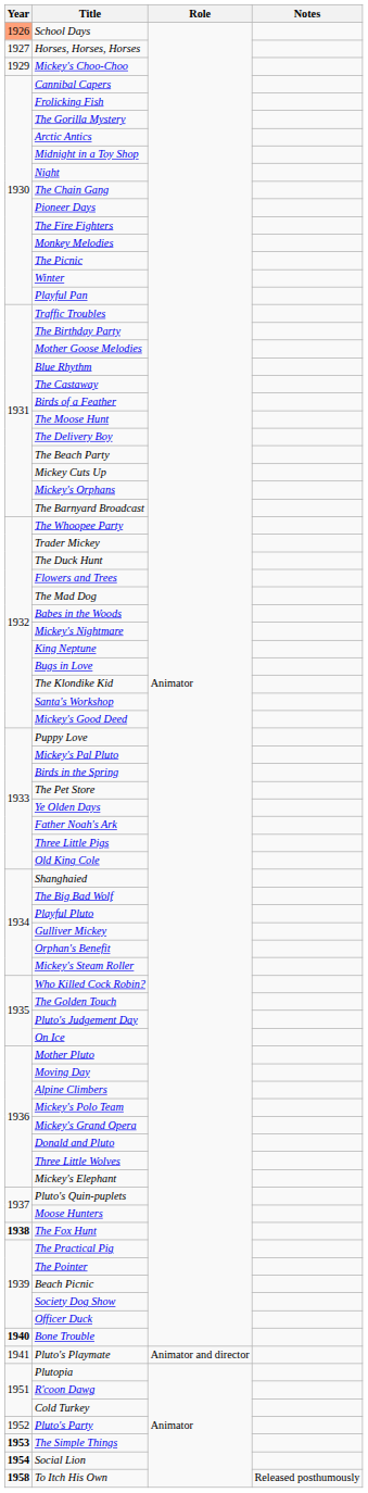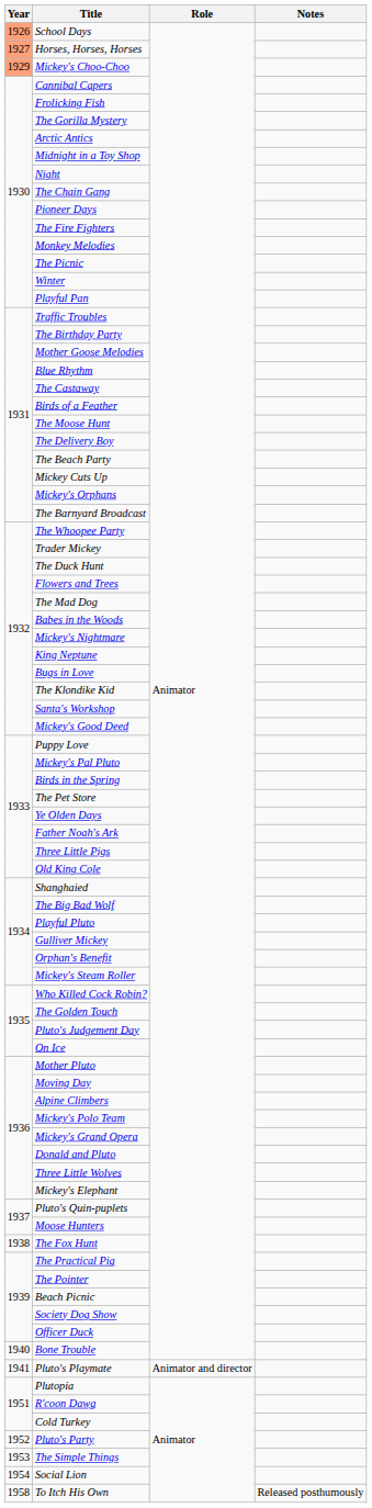 <table class="wikitable">
 <tr>
 <th>Year</th>
 <th>Title</th>
 <th>Role</th>
 <th>Notes</th>
 </tr>
 <tr>
 <td style="background: lightsalmon;">1926</td>
 <td><em>School Days</em></td>
 <td rowspan="75">Animator</td>
 <td></td>
 </tr>
 <tr>
-<td>1927</td>
+<td style="background: lightsalmon;">1927</td>
 <td><em>Horses, Horses, Horses</em></td>
 <td></td>
 </tr>
 <tr>
-<td>1929</td>
+<td style="background: lightsalmon;">1929</td>
 <td><em><a href='#'>Mickey's Choo-Choo</a></em></td>
 <td></td>
 </tr>
 <tr>
 <td rowspan="13">1930</td>
 <td><em><a href='#'>Cannibal Capers</a></em></td>
 <td></td>
 </tr>
 <tr>
 <td><em><a href='#'>Frolicking Fish</a></em></td>
 <td></td>
 </tr>
 <tr>
 <td><em><a href='#'>The Gorilla Mystery</a></em></td>
 <td></td>
 </tr>
 <tr>
 <td><em><a href='#'>Arctic Antics</a></em></td>
 <td></td>
 </tr>
 <tr>
 <td><em><a href='#'>Midnight in a Toy Shop </a></em></td>
 <td></td>
 </tr>
 <tr>
 <td><em><a href='#'>Night</a></em></td>
 <td></td>
 </tr>
 <tr>
 <td><em><a href='#'>The Chain Gang</a></em></td>
 <td></td>
 </tr>
 <tr>
 <td><em><a href='#'>Pioneer Days</a></em></td>
 <td></td>
 </tr>
 <tr>
 <td><em><a href='#'>The Fire Fighters</a></em></td>
 <td></td>
 </tr>
 <tr>
 <td><em><a href='#'>Monkey Melodies</a></em></td>
 <td></td>
 </tr>
 <tr>
 <td><em><a href='#'>The Picnic</a></em></td>
 <td></td>
 </tr>
 <tr>
 <td><em><a href='#'>Winter</a></em></td>
 <td></td>
 </tr>
 <tr>
 <td><em><a href='#'>Playful Pan</a></em></td>
 <td></td>
 </tr>
 <tr>
 <td rowspan="12">1931</td>
 <td><em><a href='#'>Traffic Troubles</a></em></td>
 <td></td>
 </tr>
 <tr>
 <td><em><a href='#'>The Birthday Party</a></em></td>
 <td></td>
 </tr>
 <tr>
 <td><em><a href='#'>Mother Goose Melodies</a></em></td>
 <td></td>
 </tr>
 <tr>
 <td><em><a href='#'>Blue Rhythm</a></em></td>
 <td></td>
 </tr>
 <tr>
 <td><em><a href='#'>The Castaway</a></em></td>
 <td></td>
 </tr>
 <tr>
 <td><em><a href='#'>Birds of a Feather</a></em></td>
 <td></td>
 </tr>
 <tr>
 <td><em><a href='#'>The Moose Hunt</a></em></td>
 <td></td>
 </tr>
 <tr>
 <td><em><a href='#'>The Delivery Boy</a></em></td>
 <td></td>
 </tr>
 <tr>
 <td><em>The Beach Party</em></td>
 <td></td>
 </tr>
 <tr>
 <td><em>Mickey Cuts Up</em></td>
 <td></td>
 </tr>
 <tr>
 <td><em><a href='#'>Mickey's Orphans</a> </em></td>
 <td></td>
 </tr>
 <tr>
 <td><em>The Barnyard Broadcast</em></td>
 <td></td>
 </tr>
 <tr>
 <td rowspan="12">1932</td>
 <td><em><a href='#'>The Whoopee Party</a></em></td>
 <td></td>
 </tr>
 <tr>
 <td><em>Trader Mickey</em></td>
 <td></td>
 </tr>
 <tr>
 <td><em>The Duck Hunt</em></td>
 <td></td>
 </tr>
 <tr>
 <td><em><a href='#'>Flowers and Trees</a></em></td>
 <td></td>
 </tr>
 <tr>
 <td><em>The Mad Dog</em></td>
 <td></td>
 </tr>
 <tr>
 <td><em><a href='#'>Babes in the Woods</a></em></td>
 <td></td>
 </tr>
 <tr>
 <td><em><a href='#'>Mickey's Nightmare</a></em></td>
 <td></td>
 </tr>
 <tr>
 <td><em><a href='#'>King Neptune</a></em></td>
 <td></td>
 </tr>
 <tr>
 <td><em><a href='#'>Bugs in Love</a></em></td>
 <td></td>
 </tr>
 <tr>
 <td><em>The Klondike Kid</em></td>
 <td></td>
 </tr>
 <tr>
 <td><em><a href='#'>Santa's Workshop</a></em></td>
 <td></td>
 </tr>
 <tr>
 <td><em><a href='#'>Mickey's Good Deed</a></em></td>
 <td></td>
 </tr>
 <tr>
 <td rowspan="8">1933</td>
 <td><em>Puppy Love</em></td>
 <td></td>
 </tr>
 <tr>
 <td><em><a href='#'>Mickey's Pal Pluto</a></em></td>
 <td></td>
 </tr>
 <tr>
 <td><em><a href='#'>Birds in the Spring</a></em></td>
 <td></td>
 </tr>
 <tr>
 <td><em>The Pet Store</em></td>
 <td></td>
 </tr>
 <tr>
 <td><em><a href='#'>Ye Olden Days</a></em></td>
 <td></td>
 </tr>
 <tr>
 <td><em><a href='#'>Father Noah's Ark</a></em></td>
 <td></td>
 </tr>
 <tr>
 <td><em><a href='#'>Three Little Pigs</a></em></td>
 <td></td>
 </tr>
 <tr>
 <td><em><a href='#'>Old King Cole</a></em></td>
 <td></td>
 </tr>
 <tr>
 <td rowspan="6">1934</td>
 <td><em>Shanghaied </em></td>
 <td></td>
 </tr>
 <tr>
 <td><em><a href='#'>The Big Bad Wolf</a></em></td>
 <td></td>
 </tr>
 <tr>
 <td><em><a href='#'>Playful Pluto</a></em></td>
 <td></td>
 </tr>
 <tr>
 <td><em><a href='#'>Gulliver Mickey</a></em></td>
 <td></td>
 </tr>
 <tr>
 <td><em><a href='#'>Orphan's Benefit</a></em></td>
 <td></td>
 </tr>
 <tr>
 <td><em><a href='#'>Mickey's Steam Roller</a></em></td>
 <td></td>
 </tr>
 <tr>
 <td rowspan="4">1935</td>
 <td><em><a href='#'>Who Killed Cock Robin?</a></em></td>
 <td></td>
 </tr>
 <tr>
 <td><em><a href='#'>The Golden Touch</a></em></td>
 <td></td>
 </tr>
 <tr>
 <td><em><a href='#'>Pluto's Judgement Day</a></em></td>
 <td></td>
 </tr>
 <tr>
 <td><em><a href='#'>On Ice</a></em></td>
 <td></td>
 </tr>
 <tr>
 <td rowspan="8">1936</td>
 <td><em><a href='#'>Mother Pluto</a></em></td>
 <td></td>
 </tr>
 <tr>
 <td><em><a href='#'>Moving Day</a></em></td>
 <td></td>
 </tr>
 <tr>
 <td><em><a href='#'>Alpine Climbers</a></em></td>
 <td></td>
 </tr>
 <tr>
 <td><em><a href='#'>Mickey's Polo Team </a></em></td>
 <td></td>
 </tr>
 <tr>
 <td><em><a href='#'>Mickey's Grand Opera</a></em></td>
 <td></td>
 </tr>
 <tr>
 <td><em><a href='#'>Donald and Pluto</a></em></td>
 <td></td>
 </tr>
 <tr>
 <td><em><a href='#'>Three Little Wolves</a></em></td>
 <td></td>
 </tr>
 <tr>
 <td><em>Mickey's Elephant</em></td>
 <td></td>
 </tr>
 <tr>
 <td rowspan="2">1937</td>
 <td><em>Pluto's Quin-puplets </em></td>
 <td></td>
 </tr>
 <tr>
 <td><em><a href='#'>Moose Hunters</a></em></td>
 <td></td>
 </tr>
 <tr>
-<td><strong>1938</strong></td>
+<td>1938</td>
 <td><em><a href='#'>The Fox Hunt</a></em></td>
 <td></td>
 </tr>
 <tr>
 <td rowspan="5">1939</td>
 <td><em><a href='#'>The Practical Pig</a></em></td>
 <td></td>
 </tr>
 <tr>
 <td><em><a href='#'>The Pointer</a></em></td>
 <td></td>
 </tr>
 <tr>
 <td><em>Beach Picnic</em></td>
 <td></td>
 </tr>
 <tr>
 <td><em><a href='#'>Society Dog Show</a></em></td>
 <td></td>
 </tr>
 <tr>
 <td><em><a href='#'>Officer Duck</a></em></td>
 <td></td>
 </tr>
 <tr>
-<td><strong>1940</strong></td>
+<td>1940</td>
 <td><em><a href='#'>Bone Trouble</a></em></td>
 <td></td>
 </tr>
 <tr>
 <td>1941</td>
 <td><em>Pluto's Playmate</em></td>
 <td>Animator and director</td>
 <td></td>
 </tr>
 <tr>
 <td rowspan="3">1951</td>
 <td><em>Plutopia</em></td>
 <td rowspan="7">Animator</td>
 <td></td>
 </tr>
 <tr>
 <td><em><a href='#'>R'coon Dawg</a></em></td>
 <td></td>
 </tr>
 <tr>
 <td><em>Cold Turkey</em></td>
 <td></td>
 </tr>
 <tr>
 <td>1952</td>
 <td><em><a href='#'>Pluto's Party</a></em></td>
 <td></td>
 </tr>
 <tr>
-<td><strong>1953</strong></td>
+<td>1953</td>
 <td><em> <a href='#'>The Simple Things</a></em></td>
 <td></td>
 </tr>
 <tr>
-<td><strong>1954</strong></td>
+<td>1954</td>
 <td><em>Social Lion</em></td>
 <td></td>
 </tr>
 <tr>
-<td><strong>1958</strong></td>
+<td>1958</td>
 <td><em>To Itch His Own</em></td>
 <td>Released posthumously</td>
 </tr>
 </table>
